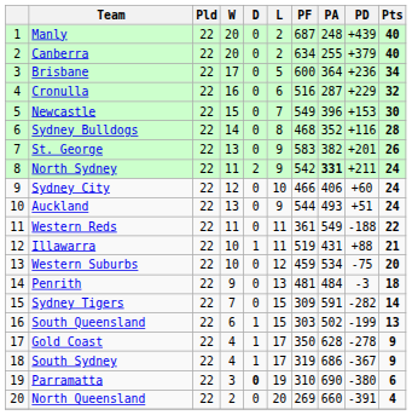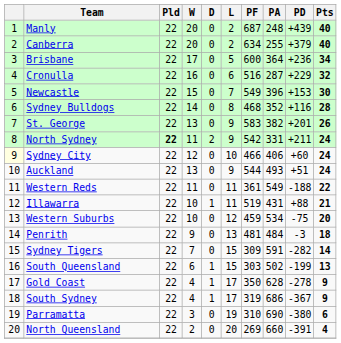 <table class="wikitable" style="text-align:center;">
 <tr>
 <th width=20 abbr="Position×"></th>
 <th width=175>Team</th>
 <th width=20 abbr="Played">Pld</th>
 <th width=20 abbr="Won">W</th>
 <th width=20 abbr="Drawn">D</th>
 <th width=20 abbr="Lost">L</th>
 <th width=20 abbr="Points for">PF</th>
 <th width=20 abbr="Points against">PA</th>
 <th width=20 abbr="Points difference">PD</th>
 <th width=20 abbr="Points">Pts</th>
 </tr>
 <tr style="background: #ccffcc;">
 <td>1</td>
 <td style="text-align:left;"> <a href='#'>Manly</a></td>
 <td>22</td>
 <td>20</td>
 <td>0</td>
 <td>2</td>
 <td>687</td>
 <td>248</td>
 <td>+439</td>
 <td><strong>40</strong></td>
 </tr>
 <tr style="background: #ccffcc;">
 <td>2</td>
 <td style="text-align:left;"> <a href='#'>Canberra</a></td>
 <td>22</td>
 <td>20</td>
 <td>0</td>
 <td>2</td>
 <td>634</td>
 <td>255</td>
 <td>+379</td>
 <td><strong>40</strong></td>
 </tr>
 <tr style="background: #ccffcc;">
 <td>3</td>
 <td style="text-align:left;"> <a href='#'>Brisbane</a></td>
 <td>22</td>
 <td>17</td>
 <td>0</td>
 <td>5</td>
 <td>600</td>
 <td>364</td>
 <td>+236</td>
 <td><strong>34</strong></td>
 </tr>
 <tr style="background: #ccffcc;">
 <td>4</td>
 <td style="text-align:left;"> <a href='#'>Cronulla</a></td>
 <td>22</td>
 <td>16</td>
 <td>0</td>
 <td>6</td>
 <td>516</td>
 <td>287</td>
 <td>+229</td>
 <td><strong>32</strong></td>
 </tr>
 <tr style="background: #ccffcc;">
 <td>5</td>
 <td style="text-align:left;"> <a href='#'>Newcastle</a></td>
 <td>22</td>
 <td>15</td>
 <td>0</td>
 <td>7</td>
 <td>549</td>
 <td>396</td>
 <td>+153</td>
 <td><strong>30</strong></td>
 </tr>
 <tr style="background: #ccffcc;">
 <td>6</td>
 <td style="text-align:left;"> <a href='#'>Sydney Bulldogs</a></td>
 <td>22</td>
 <td>14</td>
 <td>0</td>
 <td>8</td>
 <td>468</td>
 <td>352</td>
 <td>+116</td>
 <td><strong>28</strong></td>
 </tr>
 <tr style="background: #ccffcc;">
 <td>7</td>
 <td style="text-align:left;"> <a href='#'>St. George</a></td>
 <td>22</td>
 <td>13</td>
 <td>0</td>
 <td>9</td>
 <td>583</td>
 <td>382</td>
 <td>+201</td>
 <td><strong>26</strong></td>
 </tr>
 <tr style="background: #ccffcc;">
 <td>8</td>
 <td style="text-align:left;"> <a href='#'>North Sydney</a></td>
-<td>22</td>
+<td><strong>22</strong></td>
 <td>11</td>
 <td>2</td>
 <td>9</td>
 <td>542</td>
-<td><strong>331</strong></td>
+<td>331</td>
 <td>+211</td>
 <td><strong>24</strong></td>
 </tr>
 <tr>
-<td>9</td>
+<td style="background: lightyellow;">9</td>
 <td style="text-align:left;"> <a href='#'>Sydney City</a></td>
 <td>22</td>
 <td>12</td>
 <td>0</td>
 <td>10</td>
 <td>466</td>
 <td>406</td>
 <td>+60</td>
 <td><strong>24</strong></td>
 </tr>
 <tr>
 <td>10</td>
 <td style="text-align:left;"> <a href='#'>Auckland</a></td>
 <td>22</td>
 <td>13</td>
 <td>0</td>
 <td>9</td>
 <td>544</td>
 <td>493</td>
 <td>+51</td>
 <td><strong>24</strong></td>
 </tr>
 <tr>
 <td>11</td>
 <td style="text-align:left;"> <a href='#'>Western Reds</a></td>
 <td>22</td>
 <td>11</td>
 <td>0</td>
 <td>11</td>
 <td>361</td>
 <td>549</td>
 <td>-188</td>
 <td><strong>22</strong></td>
 </tr>
 <tr>
 <td>12</td>
 <td style="text-align:left;"> <a href='#'>Illawarra</a></td>
 <td>22</td>
 <td>10</td>
 <td>1</td>
 <td>11</td>
 <td>519</td>
 <td>431</td>
 <td>+88</td>
 <td><strong>21</strong></td>
 </tr>
 <tr>
 <td>13</td>
 <td style="text-align:left;"> <a href='#'>Western Suburbs</a></td>
 <td>22</td>
 <td>10</td>
 <td>0</td>
 <td>12</td>
 <td>459</td>
 <td>534</td>
 <td>-75</td>
 <td><strong>20</strong></td>
 </tr>
 <tr>
 <td>14</td>
 <td style="text-align:left;"> <a href='#'>Penrith</a></td>
 <td>22</td>
 <td>9</td>
 <td>0</td>
 <td>13</td>
 <td>481</td>
 <td>484</td>
 <td>-3</td>
 <td><strong>18</strong></td>
 </tr>
 <tr>
 <td>15</td>
 <td style="text-align:left;"> <a href='#'>Sydney Tigers</a></td>
 <td>22</td>
 <td>7</td>
 <td>0</td>
 <td>15</td>
 <td>309</td>
 <td>591</td>
 <td>-282</td>
 <td><strong>14</strong></td>
 </tr>
 <tr>
 <td>16</td>
 <td style="text-align:left;"> <a href='#'>South Queensland</a></td>
 <td>22</td>
 <td>6</td>
 <td>1</td>
 <td>15</td>
 <td>303</td>
 <td>502</td>
 <td>-199</td>
 <td><strong>13</strong></td>
 </tr>
 <tr>
 <td>17</td>
 <td style="text-align:left;"> <a href='#'>Gold Coast</a></td>
 <td>22</td>
 <td>4</td>
 <td>1</td>
 <td>17</td>
 <td>350</td>
 <td>628</td>
 <td>-278</td>
 <td><strong>9</strong></td>
 </tr>
 <tr>
 <td>18</td>
 <td style="text-align:left;"> <a href='#'>South Sydney</a></td>
 <td>22</td>
 <td>4</td>
 <td>1</td>
 <td>17</td>
 <td>319</td>
 <td>686</td>
 <td>-367</td>
 <td><strong>9</strong></td>
 </tr>
 <tr>
 <td>19</td>
 <td style="text-align:left;"> <a href='#'>Parramatta</a></td>
 <td>22</td>
 <td>3</td>
-<td><strong>0</strong></td>
+<td>0</td>
 <td>19</td>
 <td>310</td>
 <td>690</td>
 <td>-380</td>
 <td><strong>6</strong></td>
 </tr>
 <tr>
 <td>20</td>
 <td style="text-align:left;"> <a href='#'>North Queensland</a></td>
 <td>22</td>
 <td>2</td>
 <td>0</td>
 <td>20</td>
 <td>269</td>
 <td>660</td>
 <td>-391</td>
 <td><strong>4</strong></td>
 </tr>
 <tr>
 </tr>
 </table>
